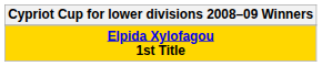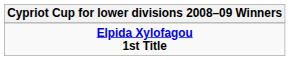 <table class="wikitable" style="text-align: center; margin: 0 auto;">
 <tr>
 <th>Cypriot Cup for lower divisions 2008–09 Winners</th>
 </tr>
 <tr>
 </tr>
 <tr>
-<td style="background: gold;"><strong><a href='#'>Elpida Xylofagou</a></strong><br><strong>1st Title</strong></td>
+<td><strong><a href='#'>Elpida Xylofagou</a></strong><br><strong>1st Title</strong></td>
 </tr>
 </table>
